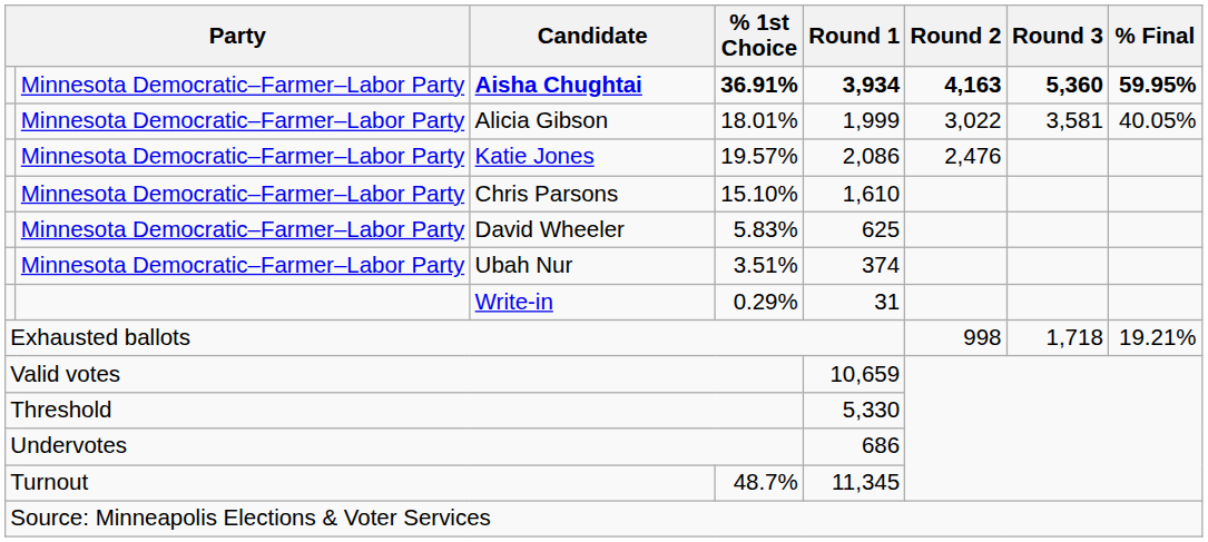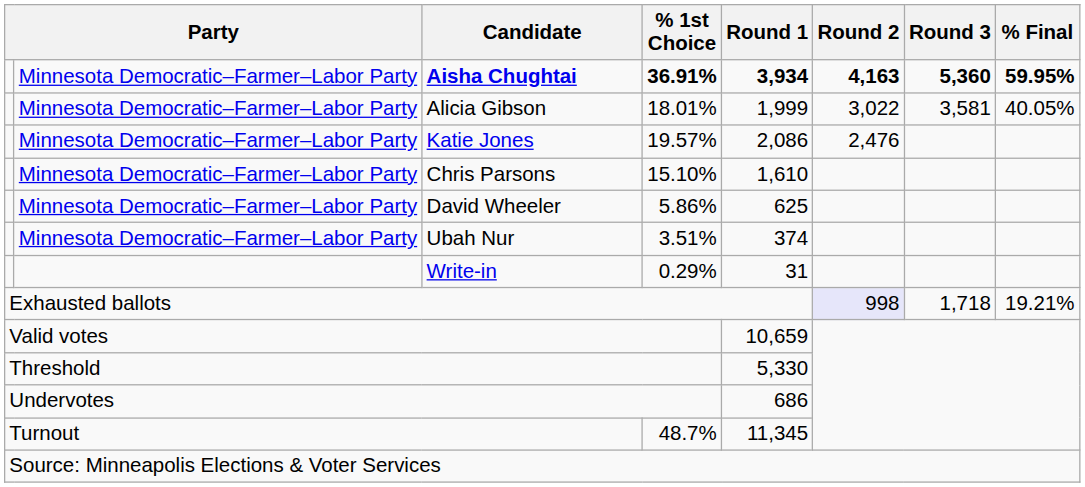 <table class="wikitable">
 <tr>
 <th colspan="2" style="width:290px">Party</th>
 <th style="width:165px">Candidate</th>
 <th>% 1st<br>Choice</th>
 <th>Round 1</th>
 <th>Round 2</th>
 <th>Round 3</th>
 <th style="width:58px;">% Final</th>
 </tr>
 <tr>
 <td style="background-color:"></td>
 <td><a href='#'>Minnesota Democratic–Farmer–Labor Party</a></td>
 <td><strong><a href='#'>Aisha Chughtai</a></strong></td>
 <td align="right"><strong>36.91%</strong></td>
 <td align="right"><strong>3,934</strong></td>
 <td align="right"><strong>4,163</strong></td>
 <td align="right"><strong>5,360</strong></td>
 <td align="right"><strong>59.95%</strong></td>
 </tr>
 <tr>
 <td style="background-color:"></td>
 <td><a href='#'>Minnesota Democratic–Farmer–Labor Party</a></td>
 <td>Alicia Gibson</td>
 <td align="right">18.01%</td>
 <td align="right">1,999</td>
 <td align="right">3,022</td>
 <td align="right">3,581</td>
 <td align="right">40.05%</td>
 </tr>
 <tr>
 <td style="background-color:"></td>
 <td><a href='#'>Minnesota Democratic–Farmer–Labor Party</a></td>
 <td><a href='#'>Katie Jones</a></td>
 <td align="right">19.57%</td>
 <td align="right">2,086</td>
 <td align="right">2,476</td>
 <td></td>
 <td></td>
 </tr>
 <tr>
 <td style="background-color:"></td>
 <td><a href='#'>Minnesota Democratic–Farmer–Labor Party</a></td>
 <td>Chris Parsons</td>
 <td align="right">15.10%</td>
 <td align="right">1,610</td>
 <td></td>
 <td></td>
 <td></td>
 </tr>
 <tr>
 <td style="background-color:"></td>
 <td><a href='#'>Minnesota Democratic–Farmer–Labor Party</a></td>
 <td>David Wheeler</td>
-<td align="right">5.83%</td>
+<td align="right">5.86%</td>
 <td align="right">625</td>
 <td></td>
 <td></td>
 <td></td>
 </tr>
 <tr>
 <td style="background-color:"></td>
 <td><a href='#'>Minnesota Democratic–Farmer–Labor Party</a></td>
 <td>Ubah Nur</td>
 <td align="right">3.51%</td>
 <td align="right">374</td>
 <td></td>
 <td></td>
 <td></td>
 </tr>
 <tr>
 <td style="background-color:"></td>
 <td></td>
 <td><a href='#'>Write-in</a></td>
 <td align="right">0.29%</td>
 <td align="right">31</td>
 <td></td>
 <td></td>
 <td></td>
 </tr>
 <tr>
 <td colspan="5">Exhausted ballots</td>
-<td align="right">998</td>
+<td align="right" style="background: lavender;">998</td>
 <td align="right">1,718</td>
 <td align="right">19.21%</td>
 </tr>
 <tr>
 <td colspan="4">Valid votes</td>
 <td align="right">10,659</td>
 <td colspan="3" rowspan="4"></td>
 </tr>
 <tr>
 <td colspan="4">Threshold</td>
 <td align="right">5,330</td>
 </tr>
 <tr>
 <td colspan="4">Undervotes</td>
 <td align="right">686</td>
 </tr>
 <tr>
 <td colspan="3">Turnout</td>
 <td align="right">48.7%</td>
 <td align="right">11,345</td>
 </tr>
 <tr>
 <td colspan="8">Source: Minneapolis Elections & Voter Services</td>
 </tr>
 </table>
